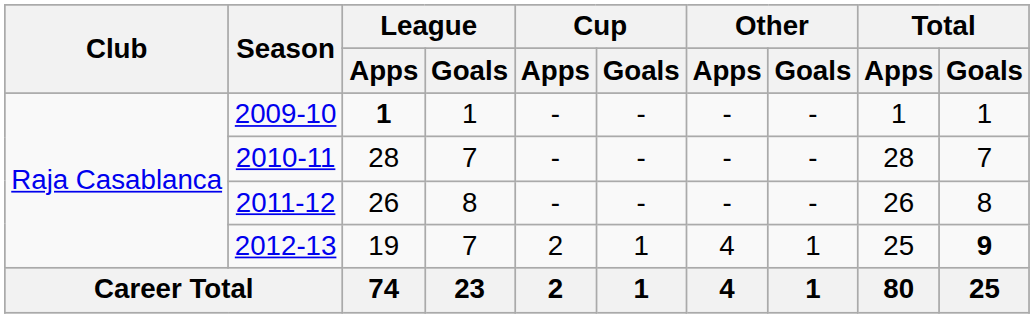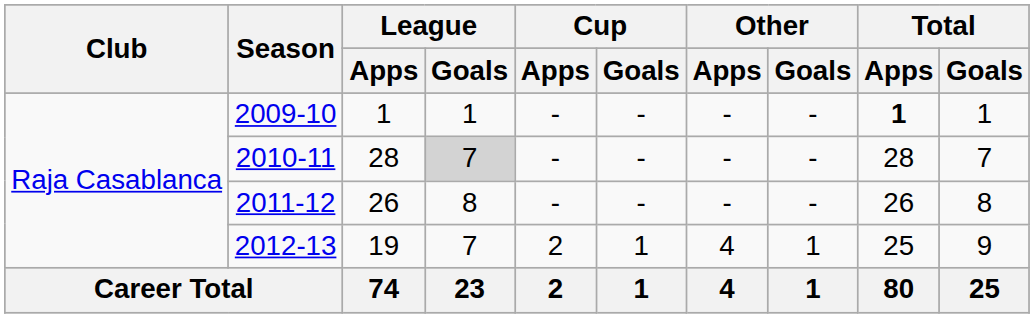 <table class="wikitable" style="text-align: center;">
 <tr>
 <th rowspan="2">Club</th>
 <th rowspan="2">Season</th>
 <th colspan="2">League</th>
 <th colspan="2">Cup</th>
 <th colspan="2">Other</th>
 <th colspan="2">Total</th>
 </tr>
 <tr>
 <th>Apps</th>
 <th>Goals</th>
 <th>Apps</th>
 <th>Goals</th>
 <th>Apps</th>
 <th>Goals</th>
 <th>Apps</th>
 <th>Goals</th>
 </tr>
 <tr>
 <td rowspan="4" valign="center"><a href='#'>Raja Casablanca</a></td>
 <td><a href='#'>2009-10</a></td>
-<td><strong>1</strong></td>
+<td>1</td>
 <td>1</td>
 <td>-</td>
 <td>-</td>
 <td>-</td>
 <td>-</td>
-<td>1</td>
+<td><strong>1</strong></td>
 <td>1</td>
 </tr>
 <tr>
 <td><a href='#'>2010-11</a></td>
 <td>28</td>
-<td>7</td>
+<td style="background: lightgrey;">7</td>
 <td>-</td>
 <td>-</td>
 <td>-</td>
 <td>-</td>
 <td>28</td>
 <td>7</td>
 </tr>
 <tr>
 <td><a href='#'>2011-12</a></td>
 <td>26</td>
 <td>8</td>
 <td>-</td>
 <td>-</td>
 <td>-</td>
 <td>-</td>
 <td>26</td>
 <td>8</td>
 </tr>
 <tr>
 <td><a href='#'>2012-13</a></td>
 <td>19</td>
 <td>7</td>
 <td>2</td>
 <td>1</td>
 <td>4</td>
 <td>1</td>
 <td>25</td>
-<td><strong>9</strong></td>
+<td>9</td>
 </tr>
 <tr>
 <th colspan="2">Career Total</th>
 <th>74</th>
 <th>23</th>
 <th>2</th>
 <th>1</th>
 <th>4</th>
 <th>1</th>
 <th>80</th>
 <th>25</th>
 </tr>
 </table>
